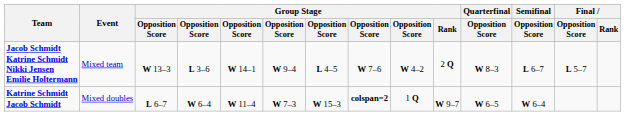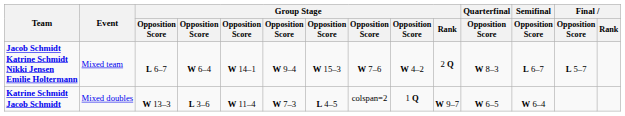 <table class="wikitable" style="font-size:90%">
 <tr>
 <th rowspan=2>Team</th>
 <th rowspan=2>Event</th>
 <th colspan=8>Group Stage</th>
 <th>Quarterfinal</th>
 <th>Semifinal</th>
 <th colspan=2>Final / </th>
 </tr>
 <tr style="font-size:95%">
 <th>Opposition <br> Score</th>
 <th>Opposition <br> Score</th>
 <th>Opposition <br> Score</th>
 <th>Opposition <br> Score</th>
 <th>Opposition <br> Score</th>
 <th>Opposition <br> Score</th>
 <th>Opposition <br> Score</th>
 <th>Rank</th>
 <th>Opposition <br> Score</th>
 <th>Opposition <br> Score</th>
 <th>Opposition <br> Score</th>
 <th>Rank</th>
 </tr>
 <tr align=center>
 <td align=left><strong><a href='#'>Jacob Schmidt</a><br><a href='#'>Katrine Schmidt</a><br><a href='#'>Nikki Jensen</a><br><a href='#'>Emilie Holtermann</a></strong></td>
 <td align=left><a href='#'>Mixed team</a></td>
-<td><br><strong>W</strong> 13–3</td>
-<td><br><strong>L</strong> 3–6</td>
+<td><br><strong>L</strong> 6–7</td>
+<td><br><strong>W</strong> 6–4</td>
 <td><br><strong>W</strong> 14–1</td>
 <td><br><strong>W</strong> 9–4</td>
-<td><br><strong>L</strong> 4–5</td>
+<td><br><strong>W</strong> 15–3</td>
 <td><br><strong>W</strong> 7–6</td>
 <td><br><strong>W</strong> 4–2</td>
 <td>2 <strong>Q</strong></td>
 <td><br><strong>W</strong> 8–3</td>
 <td><br><strong>L</strong> 6–7</td>
 <td><br><strong>L</strong> 5–7</td>
 <td></td>
 </tr>
 <tr align=center>
 <td align=left><strong><a href='#'>Katrine Schmidt</a><br><a href='#'>Jacob Schmidt</a></strong></td>
 <td align=left><a href='#'>Mixed doubles</a></td>
-<td><br><strong>L</strong> 6–7</td>
-<td><br><strong>W</strong> 6–4</td>
+<td><br><strong>W</strong> 13–3</td>
+<td><br><strong>L</strong> 3–6</td>
 <td><br><strong>W</strong> 11–4</td>
 <td><br><strong>W</strong> 7–3</td>
-<td><br><strong>W</strong> 15–3</td>
-<td><strong>colspan=2</strong></td>
+<td><br><strong>L</strong> 4–5</td>
+<td>colspan=2</td>
 <td>1 <strong>Q</strong></td>
 <td><br><strong>W</strong> 9–7</td>
 <td><br><strong>W</strong> 6–5</td>
 <td><br><strong>W</strong> 6–4</td>
 <td></td>
 </tr>
 </table>
